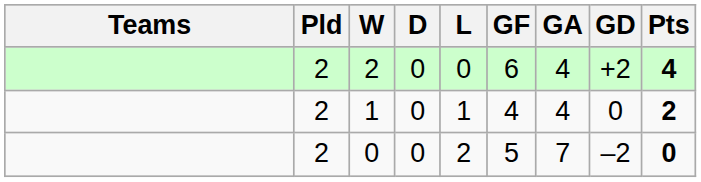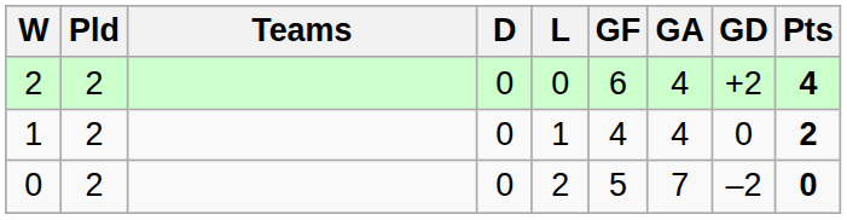 <table class="wikitable" style="text-align: center;">
 <tr>
+<th width=20>W</th>
+<th width=20>Pld</th>
 <th width=165>Teams</th>
-<th width=20>Pld</th>
-<th width=20>W</th>
 <th width=20>D</th>
 <th width=20>L</th>
 <th width=20>GF</th>
 <th width=20>GA</th>
 <th width=20>GD</th>
 <th width=20>Pts</th>
 </tr>
 <tr align=center style="background:#ccffcc;">
-<td style="text-align:left;"></td>
 <td>2</td>
 <td>2</td>
+<td style="text-align:left;"></td>
 <td>0</td>
 <td>0</td>
 <td>6</td>
 <td>4</td>
 <td>+2</td>
 <td><strong>4</strong></td>
 </tr>
 <tr align=center>
+<td>1</td>
+<td>2</td>
 <td style="text-align:left;"></td>
-<td>2</td>
-<td>1</td>
 <td>0</td>
 <td>1</td>
 <td>4</td>
 <td>4</td>
 <td>0</td>
 <td><strong>2</strong></td>
 </tr>
 <tr align=center>
+<td>0</td>
+<td>2</td>
 <td style="text-align:left;"></td>
-<td>2</td>
-<td>0</td>
 <td>0</td>
 <td>2</td>
 <td>5</td>
 <td>7</td>
 <td>–2</td>
 <td><strong>0</strong></td>
 </tr>
 </table>
